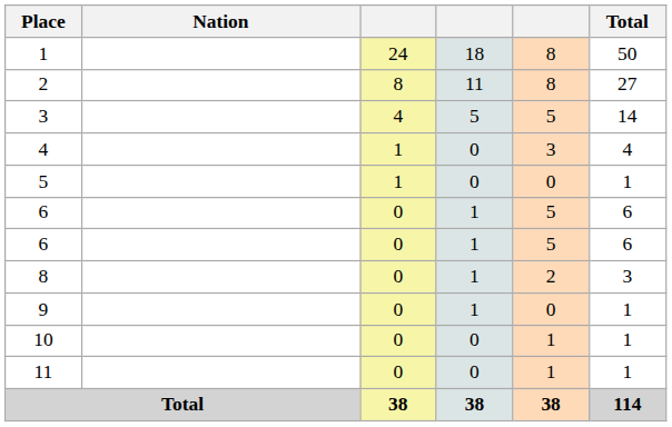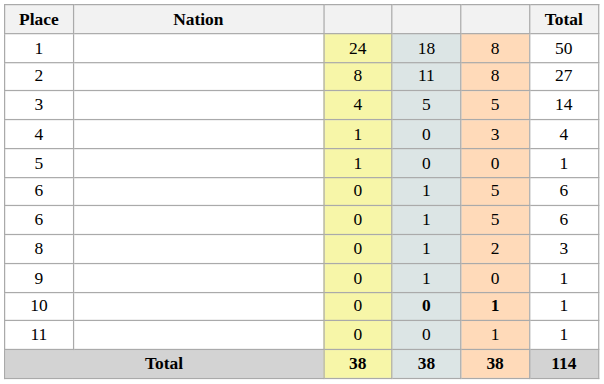 <table class=wikitable style="border:1px solid #AAAAAA;font-size:90%">
 <tr bgcolor="#EFEFEF">
 <th width=50>Place</th>
 <th width=200>Nation</th>
 <th width=50></th>
 <th width=50></th>
 <th width=50></th>
 <th width=50>Total</th>
 </tr>
 <tr align="center" valign="top" bgcolor="#FFFFFF">
 <td>1</td>
 <td align="left"></td>
 <td style="background:#F7F6A8;">24</td>
 <td style="background:#DCE5E5;">18</td>
 <td style="background:#FFDAB9;">8</td>
 <td>50</td>
 </tr>
 <tr align="center" valign="top" bgcolor="#FFFFFF">
 <td>2</td>
 <td align="left"></td>
 <td style="background:#F7F6A8;">8</td>
 <td style="background:#DCE5E5;">11</td>
 <td style="background:#FFDAB9;">8</td>
 <td>27</td>
 </tr>
 <tr align="center" valign="top" bgcolor="#FFFFFF">
 <td>3</td>
 <td align="left"></td>
 <td style="background:#F7F6A8;">4</td>
 <td style="background:#DCE5E5;">5</td>
 <td style="background:#FFDAB9;">5</td>
 <td>14</td>
 </tr>
 <tr align="center" valign="top" bgcolor="#FFFFFF">
 <td>4</td>
 <td align="left"></td>
 <td style="background:#F7F6A8;">1</td>
 <td style="background:#DCE5E5;">0</td>
 <td style="background:#FFDAB9;">3</td>
 <td>4</td>
 </tr>
 <tr align="center" valign="top" bgcolor="#FFFFFF">
 <td>5</td>
 <td align="left"></td>
 <td style="background:#F7F6A8;">1</td>
 <td style="background:#DCE5E5;">0</td>
 <td style="background:#FFDAB9;">0</td>
 <td>1</td>
 </tr>
 <tr align="center" valign="top" bgcolor="#FFFFFF">
 <td>6</td>
 <td align="left"></td>
 <td style="background:#F7F6A8;">0</td>
 <td style="background:#DCE5E5;">1</td>
 <td style="background:#FFDAB9;">5</td>
 <td>6</td>
 </tr>
 <tr align="center" valign="top" bgcolor="#FFFFFF">
 <td>6</td>
 <td align="left"></td>
 <td style="background:#F7F6A8;">0</td>
 <td style="background:#DCE5E5;">1</td>
 <td style="background:#FFDAB9;">5</td>
 <td>6</td>
 </tr>
 <tr align="center" valign="top" bgcolor="#FFFFFF">
 <td>8</td>
 <td align="left"></td>
 <td style="background:#F7F6A8;">0</td>
 <td style="background:#DCE5E5;">1</td>
 <td style="background:#FFDAB9;">2</td>
 <td>3</td>
 </tr>
 <tr align="center" valign="top" bgcolor="#FFFFFF">
 <td>9</td>
 <td align="left"></td>
 <td style="background:#F7F6A8;">0</td>
 <td style="background:#DCE5E5;">1</td>
 <td style="background:#FFDAB9;">0</td>
 <td>1</td>
 </tr>
 <tr align="center" valign="top" bgcolor="#FFFFFF">
 <td>10</td>
 <td align="left"></td>
 <td style="background:#F7F6A8;">0</td>
-<td style="background:#DCE5E5;">0</td>
-<td style="background:#FFDAB9;">1</td>
+<td style="background:#DCE5E5;"><strong>0</strong></td>
+<td style="background:#FFDAB9;"><strong>1</strong></td>
 <td>1</td>
 </tr>
 <tr align="center" valign="top" bgcolor="#FFFFFF">
 <td>11</td>
 <td align="left"></td>
 <td style="background:#F7F6A8;">0</td>
 <td style="background:#DCE5E5;">0</td>
 <td style="background:#FFDAB9;">1</td>
 <td>1</td>
 </tr>
 <tr align="center">
 <td colspan="2" bgcolor=D3D3D3><strong>Total</strong></td>
 <td style="background:#F7F6A8;"><strong>38</strong></td>
 <td style="background:#DCE5E5;"><strong>38</strong></td>
 <td style="background:#FFDAB9;"><strong>38</strong></td>
 <td bgcolor=D3D3D3><strong>114</strong></td>
 </tr>
 </table>
